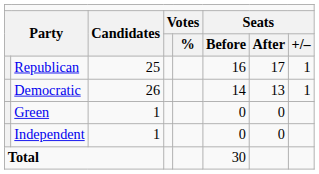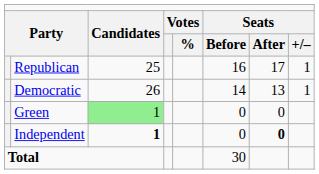 <table class="wikitable">
 <tr>
 <td colspan=13 align=center></td>
 </tr>
 <tr>
 <th rowspan="2" colspan="2">Party</th>
 <th rowspan="2">Candidates</th>
 <th colspan="2">Votes</th>
 <th colspan="3">Seats</th>
 </tr>
 <tr>
 <th></th>
 <th>%</th>
 <th>Before</th>
 <th>After</th>
 <th>+/–</th>
 </tr>
 <tr>
 <th style="background-color:"></th>
 <td><a href='#'>Republican</a></td>
 <td align="right">25</td>
 <td align="right"></td>
 <td align="right"></td>
 <td align="right" >16</td>
 <td align="right" >17</td>
 <td align="right"> 1</td>
 </tr>
 <tr>
 <th style="background-color:"></th>
 <td><a href='#'>Democratic</a></td>
 <td align="right">26</td>
 <td align="right"></td>
 <td align="right"></td>
 <td align="right">14</td>
 <td align="right">13</td>
 <td align="right"> 1</td>
 </tr>
 <tr>
 <th style="background-color:"></th>
 <td><a href='#'>Green</a></td>
-<td align="right">1</td>
+<td align="right" style="background: lightgreen;">1</td>
 <td align="right"></td>
 <td align="right"></td>
 <td align="right">0</td>
 <td align="right">0</td>
 <td align="right"></td>
 </tr>
 <tr>
 <th style="background-color:"></th>
 <td><a href='#'>Independent</a></td>
-<td align="right">1</td>
+<td align="right"><strong>1</strong></td>
 <td align="right"></td>
 <td align="right"></td>
 <td align="right">0</td>
-<td align="right">0</td>
+<td align="right"><strong>0</strong></td>
 <td align="right"></td>
 </tr>
 <tr>
 <td colspan="3" align="left"><strong>Total</strong></td>
 <td align="right"></td>
 <td align="right"></td>
 <td align="right">30</td>
 <td align="right"></td>
 <td align="right"></td>
 </tr>
 </table>
